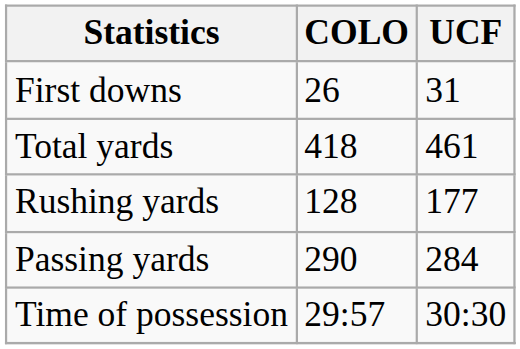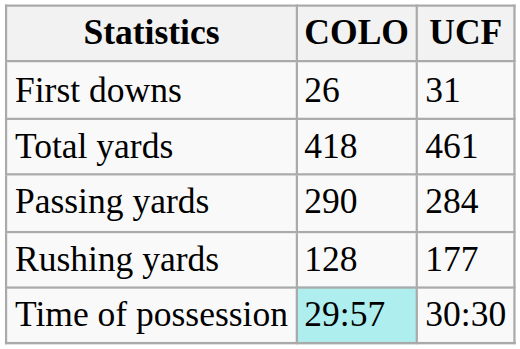 <table class="wikitable" style="float: right;">
 <tr>
 <th>Statistics</th>
 <th>COLO</th>
 <th>UCF</th>
 </tr>
 <tr>
 <td>First downs</td>
 <td>26</td>
 <td>31</td>
 </tr>
 <tr>
 <td>Total yards</td>
 <td>418</td>
 <td>461</td>
 </tr>
 <tr>
+<td>Passing yards</td>
+<td>290</td>
+<td>284</td>
+</tr>
+<tr>
 <td>Rushing yards</td>
 <td>128</td>
 <td>177</td>
 </tr>
 <tr>
-<td>Passing yards</td>
-<td>290</td>
-<td>284</td>
-</tr>
-<tr>
 <td>Time of possession</td>
-<td>29:57</td>
+<td style="background: paleturquoise;">29:57</td>
 <td>30:30</td>
 </tr>
 <tr>
 </tr>
 </table>
